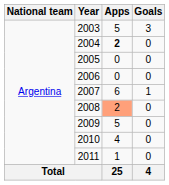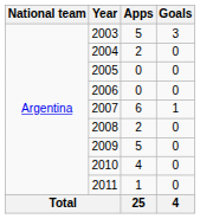 <table class="wikitable" style="text-align:center">
 <tr>
 <th>National team</th>
 <th>Year</th>
 <th>Apps</th>
 <th>Goals</th>
 </tr>
 <tr>
 <td rowspan="9"><a href='#'>Argentina</a></td>
 <td>2003</td>
 <td>5</td>
 <td>3</td>
 </tr>
 <tr>
 <td>2004</td>
-<td><strong>2</strong></td>
+<td>2</td>
 <td>0</td>
 </tr>
 <tr>
 <td>2005</td>
 <td>0</td>
 <td>0</td>
 </tr>
 <tr>
 <td>2006</td>
 <td>0</td>
 <td>0</td>
 </tr>
 <tr>
 <td>2007</td>
 <td>6</td>
 <td>1</td>
 </tr>
 <tr>
 <td>2008</td>
-<td style="background: lightsalmon;">2</td>
+<td>2</td>
 <td>0</td>
 </tr>
 <tr>
 <td>2009</td>
 <td>5</td>
 <td>0</td>
 </tr>
 <tr>
 <td>2010</td>
 <td>4</td>
 <td>0</td>
 </tr>
 <tr>
 <td>2011</td>
 <td>1</td>
 <td>0</td>
 </tr>
 <tr>
 <th colspan="2">Total</th>
 <th>25</th>
 <th>4</th>
 </tr>
 </table>
